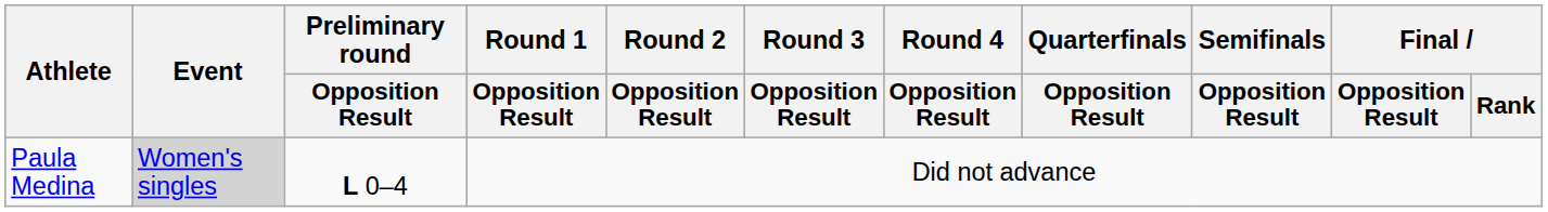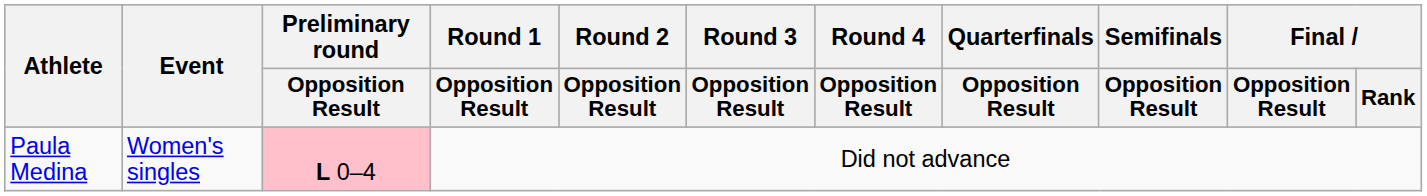 <table class="wikitable" style="font-size:90%">
 <tr>
 <th rowspan="2">Athlete</th>
 <th rowspan="2">Event</th>
 <th>Preliminary round</th>
 <th>Round 1</th>
 <th>Round 2</th>
 <th>Round 3</th>
 <th>Round 4</th>
 <th>Quarterfinals</th>
 <th>Semifinals</th>
 <th colspan=2>Final / </th>
 </tr>
 <tr style="font-size:95%">
 <th>Opposition<br>Result</th>
 <th>Opposition<br>Result</th>
 <th>Opposition<br>Result</th>
 <th>Opposition<br>Result</th>
 <th>Opposition<br>Result</th>
 <th>Opposition<br>Result</th>
 <th>Opposition<br>Result</th>
 <th>Opposition<br>Result</th>
 <th>Rank</th>
 </tr>
 <tr align=center>
 <td align=left><a href='#'>Paula Medina</a></td>
-<td align=left style="background: lightgrey;"><a href='#'>Women's singles</a></td>
-<td><br><strong>L</strong> 0–4</td>
+<td align=left><a href='#'>Women's singles</a></td>
+<td style="background: pink;"><br><strong>L</strong> 0–4</td>
 <td colspan=8>Did not advance</td>
 </tr>
 </table>
